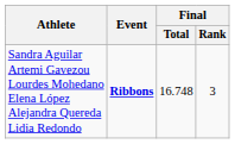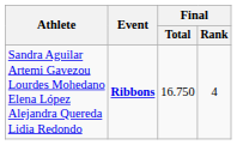 <table class="wikitable" style="font-size:90%">
 <tr>
 <th rowspan="2">Athlete</th>
 <th rowspan="2">Event</th>
 <th colspan="4">Final</th>
 </tr>
 <tr style="font-size:95%">
 <th>Total</th>
 <th>Rank</th>
 </tr>
 <tr align=center>
 <td align=left><a href='#'>Sandra Aguilar</a><br><a href='#'>Artemi Gavezou</a><br><a href='#'>Lourdes Mohedano</a><br><a href='#'>Elena López</a><br><a href='#'>Alejandra Quereda</a><br><a href='#'>Lidia Redondo</a></td>
 <td align=left><strong><a href='#'>Ribbons</a></strong></td>
-<td>16.748</td>
-<td>3</td>
+<td>16.750</td>
+<td>4</td>
 </tr>
 </table>
